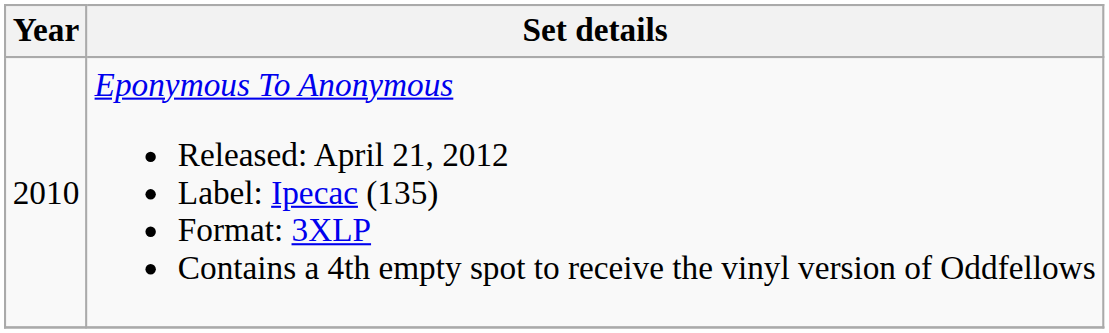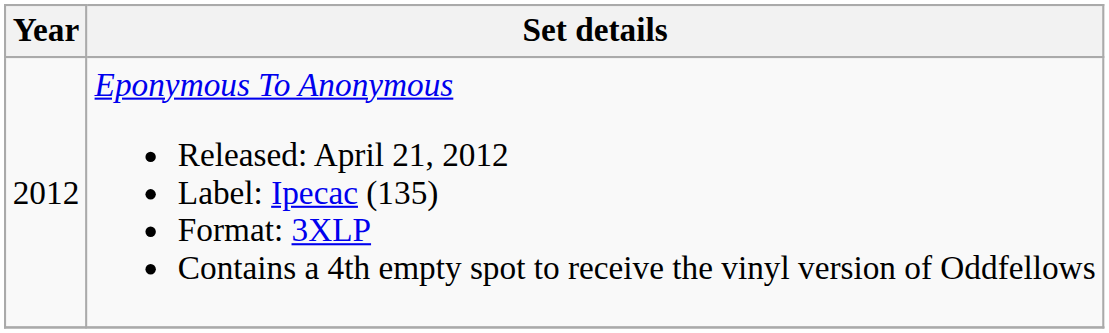 <table class="wikitable">
 <tr>
 <th>Year</th>
 <th>Set details</th>
 </tr>
 <tr>
-<td>2010</td>
+<td>2012</td>
 <td style="text-align:left;"><em><a href='#'>Eponymous To Anonymous</a></em><br><ul><li>Released: April 21, 2012</li><li>Label: <a href='#'>Ipecac</a> (135)</li><li>Format: <a href='#'>3XLP</a></li><li>Contains a 4th empty spot to receive the vinyl version of Oddfellows</li></ul></td>
 </tr>
 <tr>
 </tr>
 </table>
